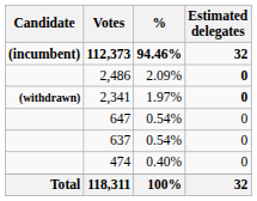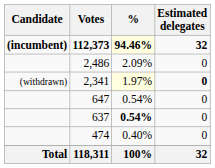 <table class="wikitable sortable" style="text-align:right;">
 <tr>
 <th>Candidate</th>
 <th>Votes</th>
 <th>%</th>
 <th>Estimated<br>delegates</th>
 </tr>
 <tr>
 <td><strong></strong> <strong>(incumbent)</strong></td>
 <td><strong>112,373</strong></td>
-<td><strong>94.46%</strong></td>
+<td style="background: lightyellow;"><strong>94.46%</strong></td>
 <td><strong>32</strong></td>
 </tr>
 <tr>
 <td></td>
 <td>2,486</td>
 <td>2.09%</td>
-<td><strong>0</strong></td>
+<td>0</td>
 </tr>
 <tr>
-<td><strong> <small>(withdrawn)</small></strong></td>
+<td> <small>(withdrawn)</small></td>
 <td>2,341</td>
-<td>1.97%</td>
+<td style="background: lightyellow;">1.97%</td>
 <td><strong>0</strong></td>
 </tr>
 <tr>
 <td></td>
 <td>647</td>
 <td>0.54%</td>
 <td>0</td>
 </tr>
 <tr>
 <td></td>
 <td>637</td>
-<td>0.54%</td>
+<td><strong>0.54%</strong></td>
 <td>0</td>
 </tr>
 <tr>
 <td></td>
 <td>474</td>
 <td>0.40%</td>
 <td>0</td>
 </tr>
 <tr>
 </tr>
 <tr style="background-color:#F6F6F6">
 <th style="text-align:right;">Total</th>
 <th style="text-align:right;">118,311</th>
 <th style="text-align:right;">100%</th>
 <th style="text-align:right;">32</th>
 </tr>
 </table>
